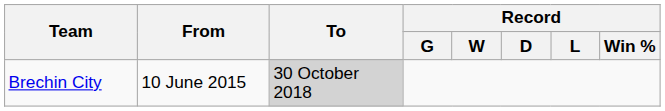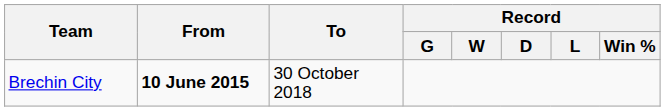 <table class="wikitable" style="text-align: center">
 <tr>
 <th rowspan=2! width=120>Team</th>
 <th rowspan=2! width=120>From</th>
 <th rowspan=2! width=120>To</th>
 <th colspan="5">Record</th>
 </tr>
 <tr>
 <th width=40>G</th>
 <th width=40>W</th>
 <th width=40>D</th>
 <th width=40>L</th>
 <th width=50>Win %</th>
 </tr>
 <tr>
 <td align=left><a href='#'>Brechin City</a></td>
-<td align=left>10 June 2015</td>
-<td align=left style="background: lightgrey;">30 October 2018<br></td>
+<td align=left><strong>10 June 2015</strong></td>
+<td align=left>30 October 2018<br></td>
 </tr>
 </table>
